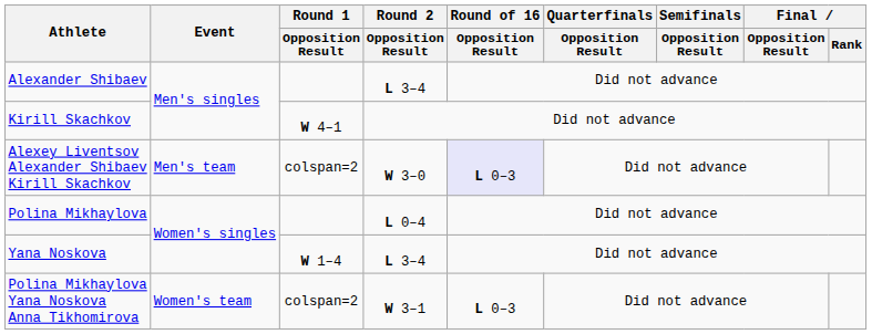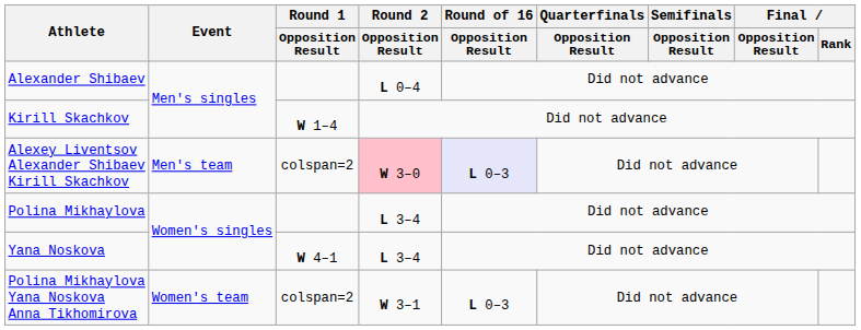 <table class="wikitable" style="text-align:center; font-size:90%">
 <tr>
 <th rowspan=2>Athlete</th>
 <th rowspan=2>Event</th>
 <th>Round 1</th>
 <th>Round 2</th>
 <th>Round of 16</th>
 <th>Quarterfinals</th>
 <th>Semifinals</th>
 <th colspan=2>Final / </th>
 </tr>
 <tr style="font-size:95%">
 <th>Opposition<br>Result</th>
 <th>Opposition<br>Result</th>
 <th>Opposition<br>Result</th>
 <th>Opposition<br>Result</th>
 <th>Opposition<br>Result</th>
 <th>Opposition<br>Result</th>
 <th>Rank</th>
 </tr>
 <tr>
 <td align=left><a href='#'>Alexander Shibaev</a></td>
 <td rowspan=2 align=left><a href='#'>Men's singles</a></td>
 <td></td>
-<td><br><strong>L</strong> 3–4</td>
+<td><br><strong>L</strong> 0–4</td>
 <td colspan=5>Did not advance</td>
 </tr>
 <tr>
 <td align=left><a href='#'>Kirill Skachkov</a></td>
-<td><br><strong>W</strong> 4–1</td>
+<td><br><strong>W</strong> 1–4</td>
 <td colspan=6>Did not advance</td>
 </tr>
 <tr>
 <td align=left><a href='#'>Alexey Liventsov</a><br><a href='#'>Alexander Shibaev</a><br><a href='#'>Kirill Skachkov</a></td>
 <td align=left><a href='#'>Men's team</a></td>
 <td>colspan=2 </td>
-<td><br><strong>W</strong> 3–0</td>
+<td style="background: pink;"><br><strong>W</strong> 3–0</td>
 <td style="background: lavender;"><br><strong>L</strong> 0–3</td>
 <td colspan=3>Did not advance</td>
 </tr>
 <tr>
 <td align=left><a href='#'>Polina Mikhaylova</a></td>
 <td rowspan=2 align=left><a href='#'>Women's singles</a></td>
 <td></td>
-<td><br><strong>L</strong> 0–4</td>
+<td><br><strong>L</strong> 3–4</td>
 <td colspan=5>Did not advance</td>
 </tr>
 <tr>
 <td align=left><a href='#'>Yana Noskova</a></td>
-<td><br><strong>W</strong> 1–4</td>
+<td><br><strong>W</strong> 4–1</td>
 <td><br><strong>L</strong> 3–4</td>
 <td colspan=5>Did not advance</td>
 </tr>
 <tr>
 <td align=left><a href='#'>Polina Mikhaylova</a><br><a href='#'>Yana Noskova</a><br><a href='#'>Anna Tikhomirova</a></td>
 <td align=left><a href='#'>Women's team</a></td>
 <td>colspan=2 </td>
 <td><br><strong>W</strong> 3–1</td>
 <td><br><strong>L</strong> 0–3</td>
 <td colspan=3>Did not advance</td>
 </tr>
 </table>
